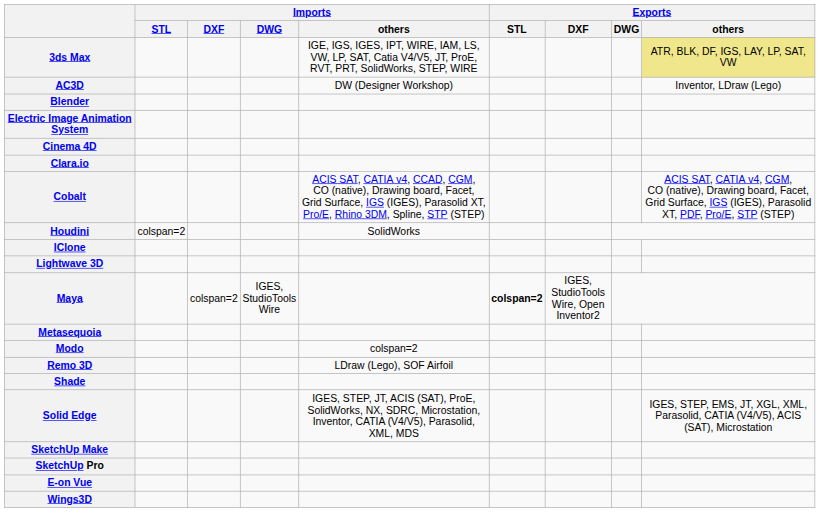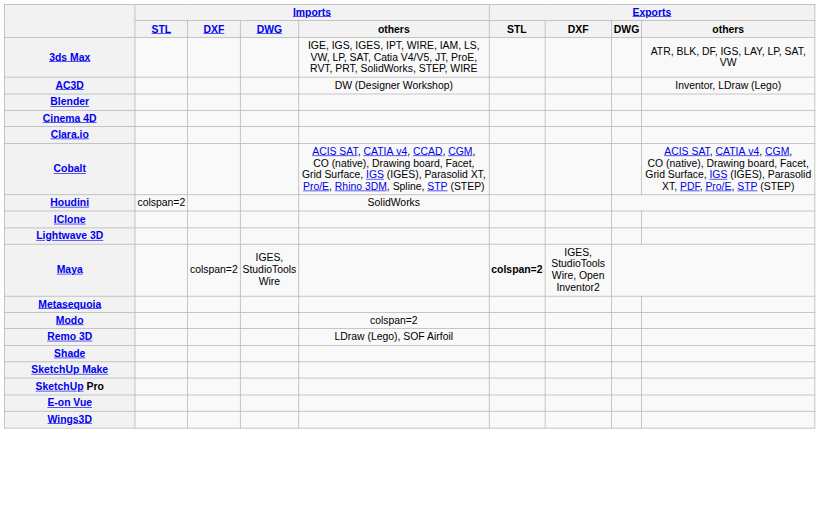 <table class="sortable wikitable" style="text-align: center; ">
 <tr>
 <th rowspan="2" style="width:20%"></th>
 <th colspan="4" style="width:40%"><a href='#'>Imports</a></th>
 <th colspan="4" style="width:40%"><a href='#'>Exports</a></th>
 </tr>
 <tr>
 <th><a href='#'>STL</a></th>
 <th><a href='#'>DXF</a></th>
 <th><a href='#'>DWG</a></th>
 <th>others</th>
 <th>STL</th>
 <th>DXF</th>
 <th>DWG</th>
 <th>others</th>
 </tr>
 <tr>
 <th><a href='#'>3ds Max</a></th>
 <td></td>
 <td></td>
 <td></td>
 <td>IGE, IGS, IGES, IPT, WIRE, IAM, LS, VW, LP, SAT, Catia V4/V5, JT, ProE, RVT, PRT, SolidWorks, STEP, WIRE</td>
 <td></td>
 <td></td>
 <td></td>
-<td style="background: khaki;">ATR, BLK, DF, IGS, LAY, LP, SAT, VW</td>
+<td>ATR, BLK, DF, IGS, LAY, LP, SAT, VW</td>
 </tr>
 <tr>
 <th><a href='#'>AC3D</a></th>
 <td></td>
 <td></td>
 <td></td>
 <td>DW (Designer Workshop)</td>
 <td></td>
 <td></td>
 <td></td>
 <td>Inventor, LDraw (Lego)</td>
 </tr>
 <tr>
 <th><a href='#'>Blender</a></th>
-<td></td>
-<td></td>
-<td></td>
-<td></td>
-<td></td>
-<td></td>
-<td></td>
-<td></td>
-</tr>
-<tr>
-<th><a href='#'>Electric Image Animation System</a></th>
 <td></td>
 <td></td>
 <td></td>
 <td></td>
 <td></td>
 <td></td>
 <td></td>
 <td></td>
 </tr>
 <tr>
 <th><a href='#'>Cinema 4D</a></th>
 <td></td>
 <td></td>
 <td></td>
 <td></td>
 <td></td>
 <td></td>
 <td></td>
 <td></td>
 </tr>
 <tr>
 <th><a href='#'>Clara.io</a></th>
 <td></td>
 <td></td>
 <td></td>
 <td></td>
 <td></td>
 <td></td>
 <td></td>
 <td></td>
 </tr>
 <tr>
 <th><a href='#'>Cobalt</a></th>
 <td></td>
 <td></td>
 <td></td>
 <td><a href='#'>ACIS SAT</a>, <a href='#'>CATIA v4</a>, <a href='#'>CCAD</a>, <a href='#'>CGM</a>, CO (native), Drawing board, Facet, Grid Surface, <a href='#'>IGS</a> (IGES), Parasolid XT, <a href='#'>Pro/E</a>, <a href='#'>Rhino 3DM</a>, Spline, <a href='#'>STP</a> (STEP)</td>
 <td></td>
 <td></td>
 <td></td>
 <td><a href='#'>ACIS SAT</a>, <a href='#'>CATIA v4</a>, <a href='#'>CGM</a>, CO (native), Drawing board, Facet, Grid Surface, <a href='#'>IGS</a> (IGES), Parasolid XT, <a href='#'>PDF</a>, <a href='#'>Pro/E</a>, <a href='#'>STP</a> (STEP)</td>
 </tr>
 <tr>
 <th><a href='#'>Houdini</a></th>
 <td>colspan=2 </td>
 <td></td>
 <td></td>
 <td>SolidWorks</td>
 <td></td>
 <td></td>
 </tr>
 <tr>
 <th><a href='#'>IClone</a></th>
 <td></td>
 <td></td>
 <td></td>
 <td></td>
 <td></td>
 <td></td>
 <td></td>
 <td></td>
 </tr>
 <tr>
 <th><a href='#'>Lightwave 3D</a></th>
 <td></td>
 <td></td>
 <td></td>
 <td></td>
 <td></td>
 <td></td>
 <td></td>
 <td></td>
 </tr>
 <tr>
 <th><a href='#'>Maya</a></th>
 <td></td>
 <td>colspan=2 </td>
 <td>IGES, StudioTools Wire</td>
 <td></td>
 <td><strong>colspan=2 </strong></td>
 <td>IGES, StudioTools Wire, Open Inventor2</td>
 </tr>
 <tr>
 <th><a href='#'>Metasequoia</a></th>
 <td></td>
 <td></td>
 <td></td>
 <td></td>
 <td></td>
 <td></td>
 <td></td>
 <td></td>
 </tr>
 <tr>
 <th><a href='#'>Modo</a></th>
 <td></td>
 <td></td>
 <td></td>
 <td>colspan=2 </td>
 <td></td>
 <td></td>
 <td></td>
 <td></td>
 </tr>
 <tr>
 <th><a href='#'>Remo 3D</a></th>
 <td></td>
 <td></td>
 <td></td>
 <td>LDraw (Lego), SOF Airfoil</td>
 <td></td>
 <td></td>
 <td></td>
 <td></td>
 </tr>
 <tr>
 <th><a href='#'>Shade</a></th>
 <td></td>
 <td></td>
 <td></td>
 <td></td>
 <td></td>
 <td></td>
 <td></td>
 <td></td>
 </tr>
 <tr>
-<th><a href='#'>Solid Edge</a></th>
-<td></td>
-<td></td>
-<td></td>
-<td>IGES, STEP, JT, ACIS (SAT), ProE, SolidWorks, NX, SDRC, Microstation, Inventor, CATIA (V4/V5), Parasolid, XML, MDS</td>
-<td></td>
-<td></td>
-<td></td>
-<td>IGES, STEP, EMS, JT, XGL, XML, Parasolid, CATIA (V4/V5), ACIS (SAT), Microstation</td>
-</tr>
-<tr>
 <th><a href='#'>SketchUp Make</a></th>
 <td></td>
 <td></td>
 <td></td>
 <td></td>
 <td></td>
 <td></td>
 <td></td>
 <td></td>
 </tr>
 <tr>
 <th><a href='#'>SketchUp</a> Pro</th>
 <td></td>
 <td></td>
 <td></td>
 <td></td>
 <td></td>
 <td></td>
 <td></td>
 <td></td>
 </tr>
 <tr>
 <th><a href='#'>E-on Vue</a></th>
 <td></td>
 <td></td>
 <td></td>
 <td></td>
 <td></td>
 <td></td>
 <td></td>
 <td></td>
 </tr>
 <tr>
 <th><a href='#'>Wings3D</a></th>
 <td></td>
 <td></td>
 <td></td>
 <td></td>
 <td></td>
 <td></td>
 <td></td>
 <td></td>
 </tr>
 </table>
